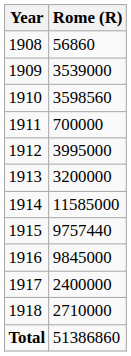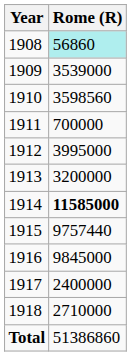 <table class="wikitable sortable">
 <tr>
 <th>Year</th>
 <th>Rome (R)</th>
 </tr>
 <tr>
 <td>1908</td>
-<td>56860</td>
+<td style="background: paleturquoise;">56860</td>
 </tr>
 <tr>
 <td>1909</td>
 <td>3539000</td>
 </tr>
 <tr>
 <td>1910</td>
 <td>3598560</td>
 </tr>
 <tr>
 <td>1911</td>
 <td>700000</td>
 </tr>
 <tr>
 <td>1912</td>
 <td>3995000</td>
 </tr>
 <tr>
 <td>1913</td>
 <td>3200000</td>
 </tr>
 <tr>
 <td>1914</td>
-<td>11585000</td>
+<td><strong>11585000</strong></td>
 </tr>
 <tr>
 <td>1915</td>
 <td>9757440</td>
 </tr>
 <tr>
 <td>1916</td>
 <td>9845000</td>
 </tr>
 <tr>
 <td>1917</td>
 <td>2400000</td>
 </tr>
 <tr>
 <td>1918</td>
 <td>2710000</td>
 </tr>
 <tr>
 <td><strong>Total</strong></td>
 <td>51386860<strong></strong></td>
 </tr>
 </table>
